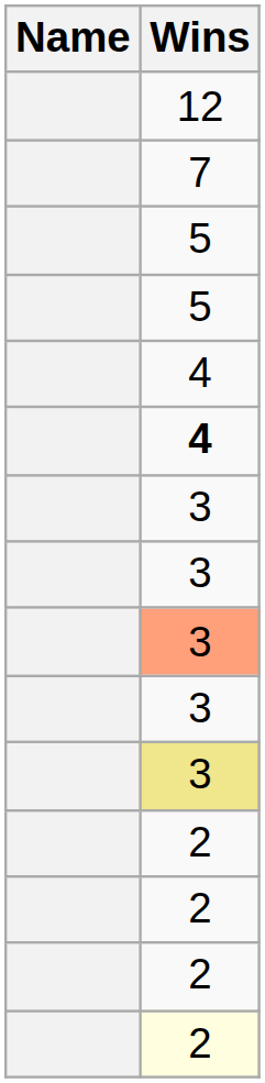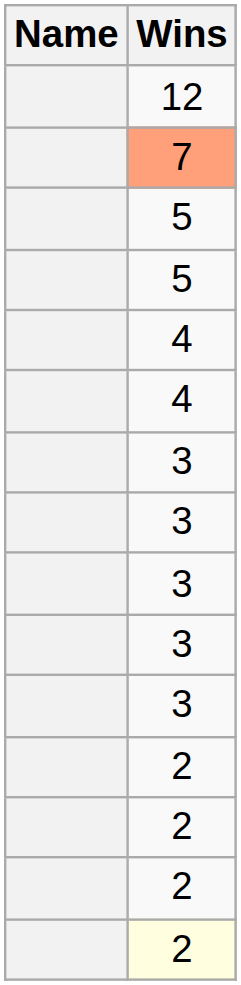 <table class="sortable wikitable plainrowheaders" style="text-align:center">
 <tr>
 <th scope=col>Name</th>
 <th scope=col data-sort-type=number>Wins</th>
 </tr>
 <tr>
 <th scope=row></th>
 <td>12</td>
 </tr>
 <tr>
 <th scope=row></th>
-<td>7</td>
+<td style="background: lightsalmon;">7</td>
 </tr>
 <tr>
 <th scope=row></th>
 <td>5</td>
 </tr>
 <tr>
 <th scope=row></th>
 <td>5</td>
 </tr>
 <tr>
 <th scope=row></th>
 <td>4</td>
 </tr>
 <tr>
 <th scope=row></th>
-<td><strong>4</strong></td>
+<td>4</td>
 </tr>
 <tr>
 <th scope=row></th>
 <td>3</td>
 </tr>
 <tr>
 <th scope=row></th>
 <td>3</td>
 </tr>
 <tr>
 <th scope=row></th>
-<td style="background: lightsalmon;">3</td>
+<td>3</td>
 </tr>
 <tr>
 <th scope=row></th>
 <td>3</td>
 </tr>
 <tr>
 <th scope=row></th>
-<td style="background: khaki;">3</td>
+<td>3</td>
 </tr>
 <tr>
 <th scope=row></th>
 <td>2</td>
 </tr>
 <tr>
 <th scope=row></th>
 <td>2</td>
 </tr>
 <tr>
 <th scope=row></th>
 <td>2</td>
 </tr>
 <tr>
 <th scope=row></th>
 <td style="background: lightyellow;">2</td>
 </tr>
 </table>
